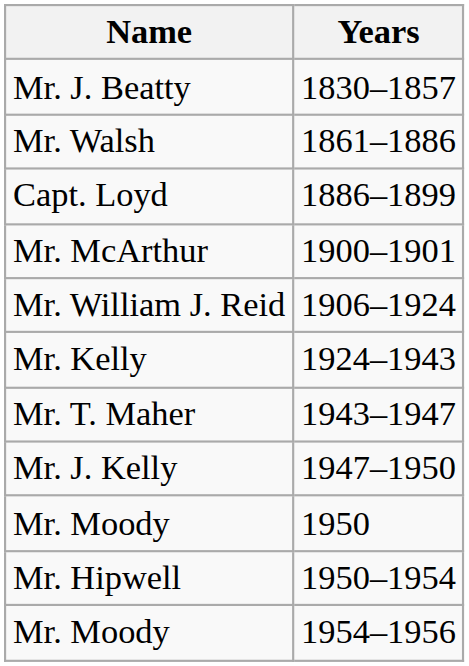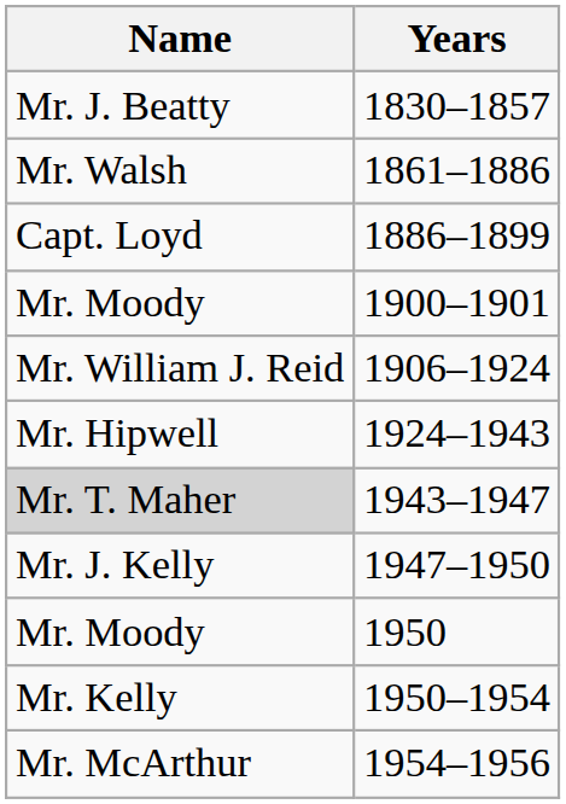 <table class="wikitable">
 <tr>
 <th>Name</th>
 <th>Years</th>
 </tr>
 <tr>
 <td>Mr. J. Beatty</td>
 <td>1830–1857</td>
 </tr>
 <tr>
 <td>Mr. Walsh</td>
 <td>1861–1886</td>
 </tr>
 <tr>
 <td>Capt. Loyd</td>
 <td>1886–1899</td>
 </tr>
 <tr>
-<td>Mr. McArthur</td>
+<td>Mr. Moody</td>
 <td>1900–1901</td>
 </tr>
 <tr>
 <td>Mr. William J. Reid</td>
 <td>1906–1924</td>
 </tr>
 <tr>
-<td>Mr. Kelly</td>
+<td>Mr. Hipwell</td>
 <td>1924–1943</td>
 </tr>
 <tr>
-<td>Mr. T. Maher</td>
+<td style="background: lightgrey;">Mr. T. Maher</td>
 <td>1943–1947</td>
 </tr>
 <tr>
 <td>Mr. J. Kelly</td>
 <td>1947–1950</td>
 </tr>
 <tr>
 <td>Mr. Moody</td>
 <td>1950</td>
 </tr>
 <tr>
-<td>Mr. Hipwell</td>
+<td>Mr. Kelly</td>
 <td>1950–1954</td>
 </tr>
 <tr>
-<td>Mr. Moody</td>
+<td>Mr. McArthur</td>
 <td>1954–1956</td>
 </tr>
 </table>
